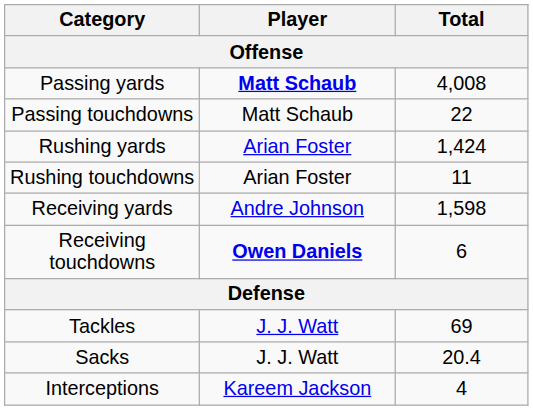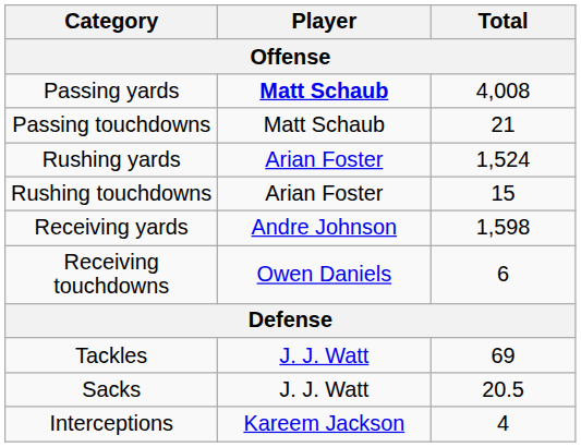 <table class="wikitable" style="text-align:center">
 <tr>
 <th width="150">Category</th>
 <th width="150">Player</th>
 <th width="100">Total</th>
 </tr>
 <tr>
 <th align="center" colspan="4">Offense</th>
 </tr>
 <tr>
 <td>Passing yards</td>
 <td><strong><a href='#'>Matt Schaub</a></strong></td>
 <td>4,008</td>
 </tr>
 <tr>
 <td>Passing touchdowns</td>
 <td>Matt Schaub</td>
-<td>22</td>
+<td>21</td>
 </tr>
 <tr>
 <td>Rushing yards</td>
 <td><a href='#'>Arian Foster</a></td>
-<td>1,424</td>
+<td>1,524</td>
 </tr>
 <tr>
 <td>Rushing touchdowns</td>
 <td>Arian Foster</td>
-<td>11</td>
+<td>15</td>
 </tr>
 <tr>
 <td>Receiving yards</td>
 <td><a href='#'>Andre Johnson</a></td>
 <td>1,598</td>
 </tr>
 <tr>
 <td>Receiving touchdowns</td>
-<td><strong><a href='#'>Owen Daniels</a></strong></td>
+<td><a href='#'>Owen Daniels</a></td>
 <td>6</td>
 </tr>
 <tr>
 <th align="center" colspan="4">Defense</th>
 </tr>
 <tr>
 <td>Tackles </td>
 <td><a href='#'>J. J. Watt</a></td>
 <td>69</td>
 </tr>
 <tr>
 <td>Sacks</td>
 <td>J. J. Watt</td>
-<td>20.4</td>
+<td>20.5</td>
 </tr>
 <tr>
 <td>Interceptions</td>
 <td><a href='#'>Kareem Jackson</a></td>
 <td>4</td>
 </tr>
 </table>
